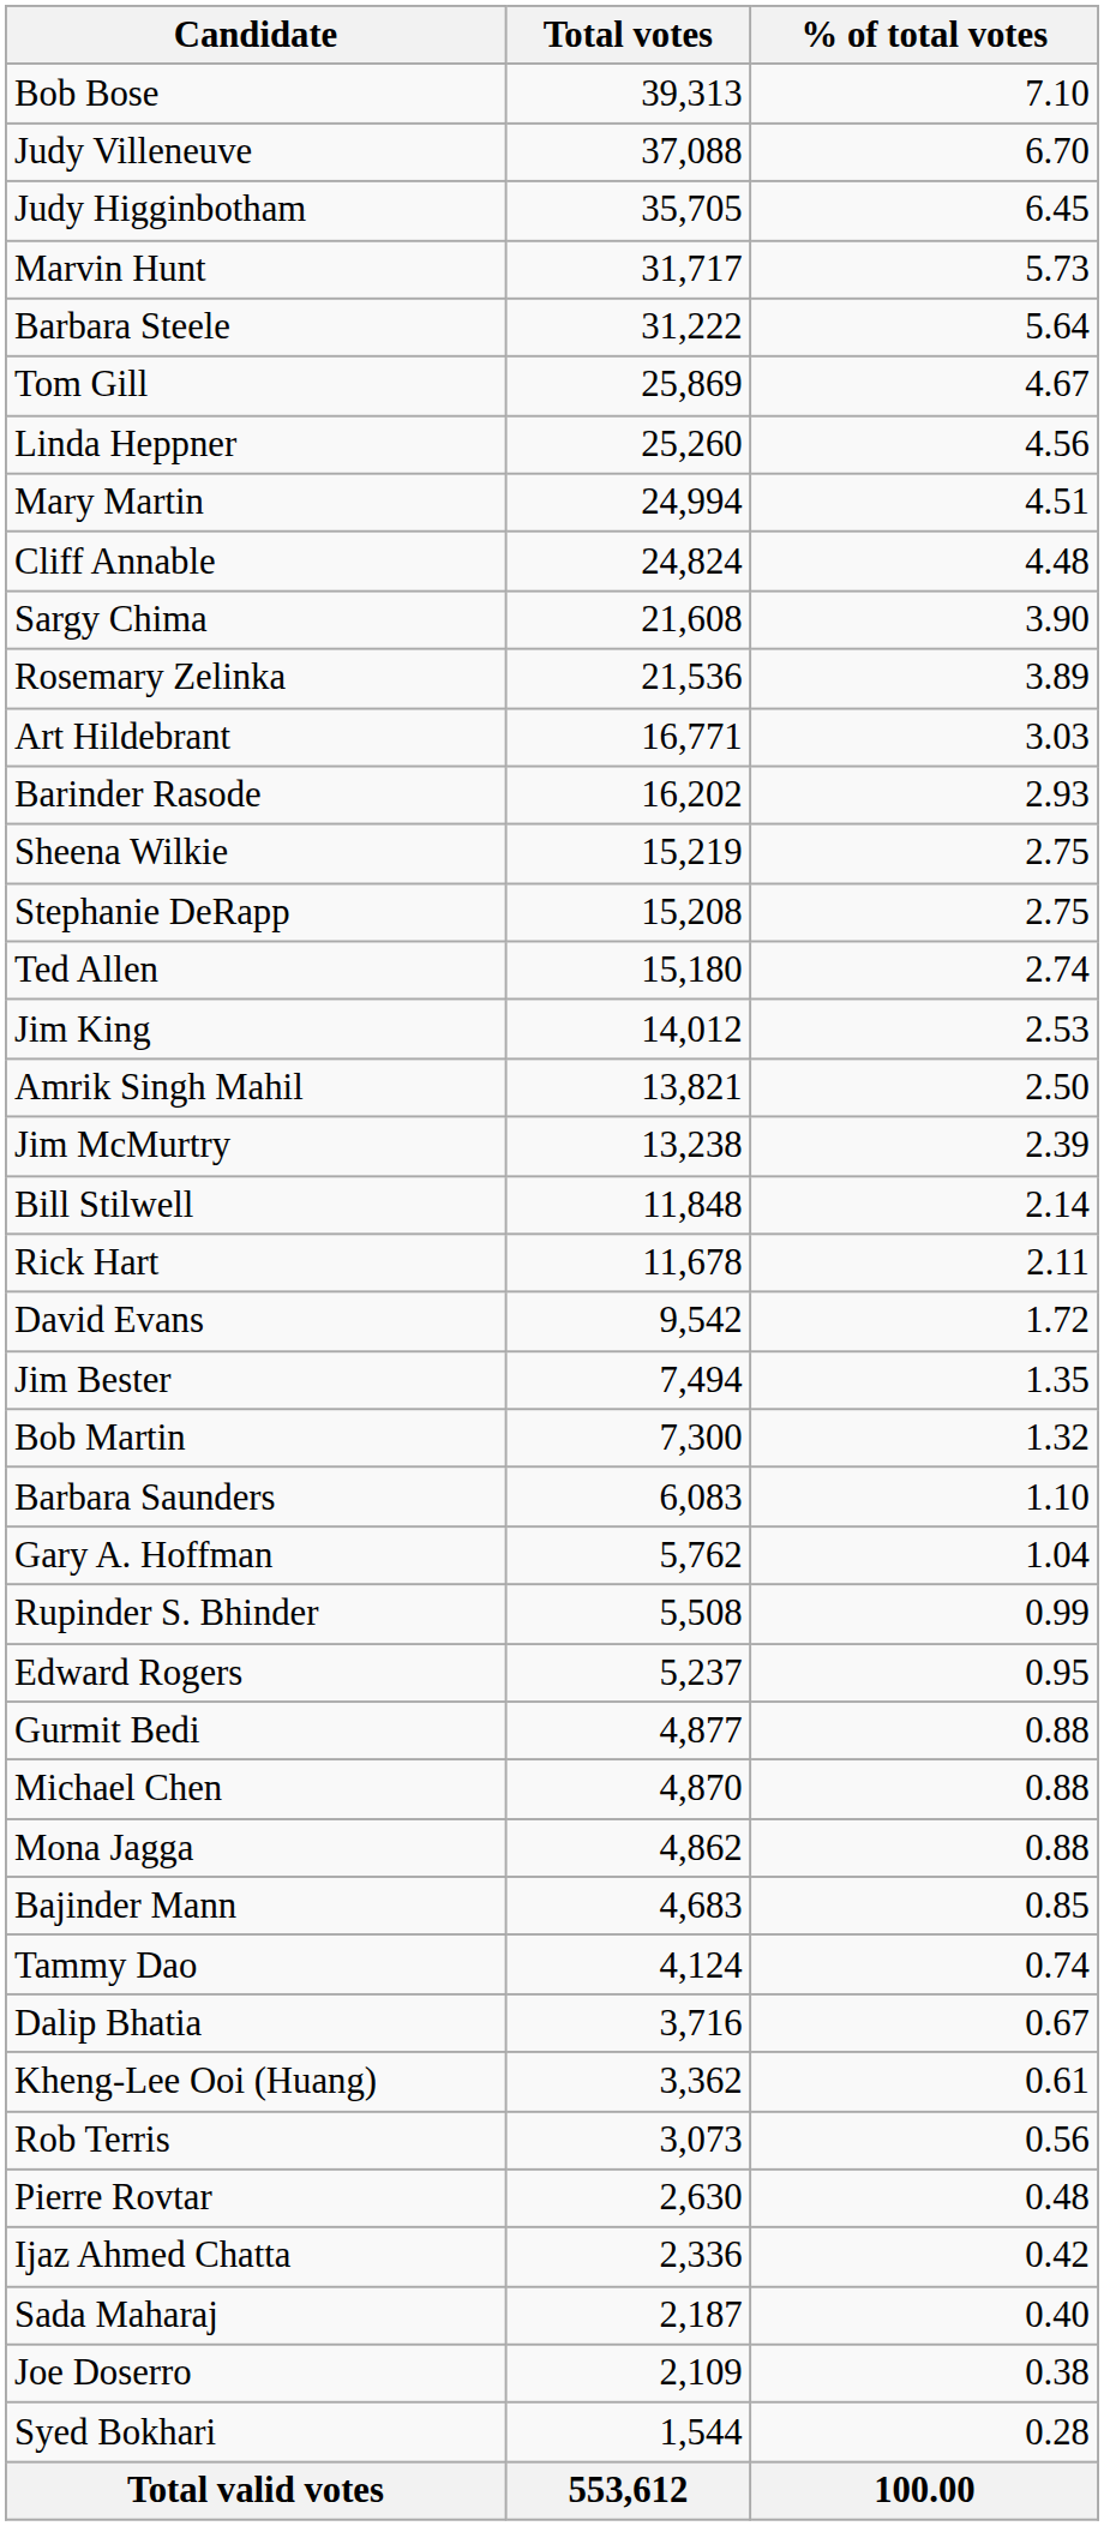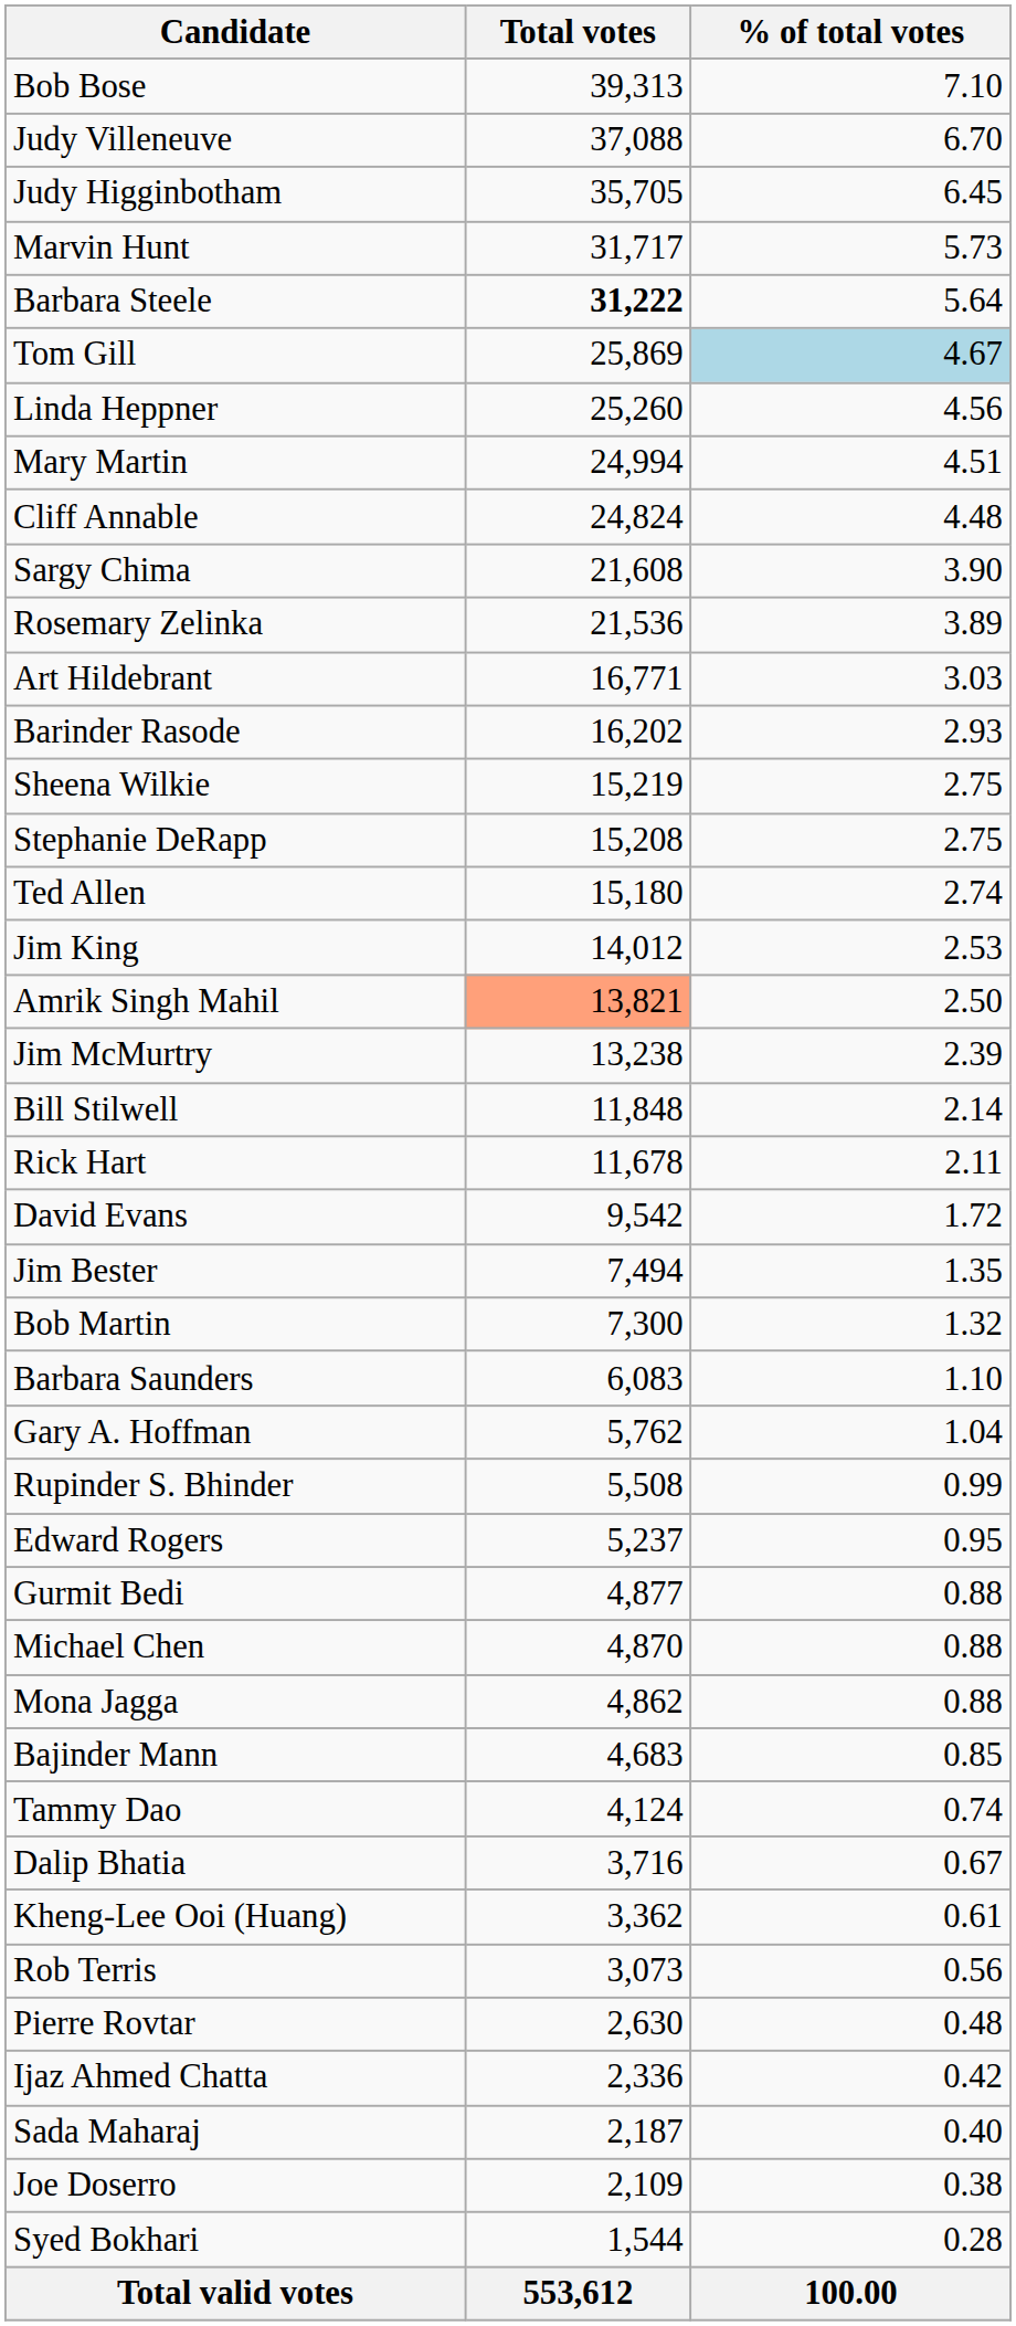 <table class="wikitable" width="475">
 <tr>
 <th align="left">Candidate</th>
 <th align="right">Total votes</th>
 <th align="right">% of total votes</th>
 </tr>
 <tr>
 <td align="left">Bob Bose</td>
 <td align="right">39,313</td>
 <td align="right">7.10</td>
 </tr>
 <tr>
 <td align="left">Judy Villeneuve</td>
 <td align="right">37,088</td>
 <td align="right">6.70</td>
 </tr>
 <tr>
 <td align="left">Judy Higginbotham</td>
 <td align="right">35,705</td>
 <td align="right">6.45</td>
 </tr>
 <tr>
 <td align="left">Marvin Hunt</td>
 <td align="right">31,717</td>
 <td align="right">5.73</td>
 </tr>
 <tr>
 <td align="left">Barbara Steele</td>
-<td align="right">31,222</td>
+<td align="right"><strong>31,222</strong></td>
 <td align="right">5.64</td>
 </tr>
 <tr>
 <td align="left">Tom Gill</td>
 <td align="right">25,869</td>
-<td align="right">4.67</td>
+<td align="right" style="background: lightblue;">4.67</td>
 </tr>
 <tr>
 <td align="left">Linda Heppner</td>
 <td align="right">25,260</td>
 <td align="right">4.56</td>
 </tr>
 <tr>
 <td align="left">Mary Martin</td>
 <td align="right">24,994</td>
 <td align="right">4.51</td>
 </tr>
 <tr>
 <td align="left">Cliff Annable</td>
 <td align="right">24,824</td>
 <td align="right">4.48</td>
 </tr>
 <tr>
 <td align="left">Sargy Chima</td>
 <td align="right">21,608</td>
 <td align="right">3.90</td>
 </tr>
 <tr>
 <td align="left">Rosemary Zelinka</td>
 <td align="right">21,536</td>
 <td align="right">3.89</td>
 </tr>
 <tr>
 <td align="left">Art Hildebrant</td>
 <td align="right">16,771</td>
 <td align="right">3.03</td>
 </tr>
 <tr>
 <td align="left">Barinder Rasode</td>
 <td align="right">16,202</td>
 <td align="right">2.93</td>
 </tr>
 <tr>
 <td align="left">Sheena Wilkie</td>
 <td align="right">15,219</td>
 <td align="right">2.75</td>
 </tr>
 <tr>
 <td align="left">Stephanie DeRapp</td>
 <td align="right">15,208</td>
 <td align="right">2.75</td>
 </tr>
 <tr>
 <td align="left">Ted Allen</td>
 <td align="right">15,180</td>
 <td align="right">2.74</td>
 </tr>
 <tr>
 <td align="left">Jim King</td>
 <td align="right">14,012</td>
 <td align="right">2.53</td>
 </tr>
 <tr>
 <td align="left">Amrik Singh Mahil</td>
-<td align="right">13,821</td>
+<td align="right" style="background: lightsalmon;">13,821</td>
 <td align="right">2.50</td>
 </tr>
 <tr>
 <td align="left">Jim McMurtry</td>
 <td align="right">13,238</td>
 <td align="right">2.39</td>
 </tr>
 <tr>
 <td align="left">Bill Stilwell</td>
 <td align="right">11,848</td>
 <td align="right">2.14</td>
 </tr>
 <tr>
 <td align="left">Rick Hart</td>
 <td align="right">11,678</td>
 <td align="right">2.11</td>
 </tr>
 <tr>
 <td align="left">David Evans</td>
 <td align="right">9,542</td>
 <td align="right">1.72</td>
 </tr>
 <tr>
 <td align="left">Jim Bester</td>
 <td align="right">7,494</td>
 <td align="right">1.35</td>
 </tr>
 <tr>
 <td align="left">Bob Martin</td>
 <td align="right">7,300</td>
 <td align="right">1.32</td>
 </tr>
 <tr>
 <td align="left">Barbara Saunders</td>
 <td align="right">6,083</td>
 <td align="right">1.10</td>
 </tr>
 <tr>
 <td align="left">Gary A. Hoffman</td>
 <td align="right">5,762</td>
 <td align="right">1.04</td>
 </tr>
 <tr>
 <td align="left">Rupinder S. Bhinder</td>
 <td align="right">5,508</td>
 <td align="right">0.99</td>
 </tr>
 <tr>
 <td align="left">Edward Rogers</td>
 <td align="right">5,237</td>
 <td align="right">0.95</td>
 </tr>
 <tr>
 <td align="left">Gurmit Bedi</td>
 <td align="right">4,877</td>
 <td align="right">0.88</td>
 </tr>
 <tr>
 <td align="left">Michael Chen</td>
 <td align="right">4,870</td>
 <td align="right">0.88</td>
 </tr>
 <tr>
 <td align="left">Mona Jagga</td>
 <td align="right">4,862</td>
 <td align="right">0.88</td>
 </tr>
 <tr>
 <td align="left">Bajinder Mann</td>
 <td align="right">4,683</td>
 <td align="right">0.85</td>
 </tr>
 <tr>
 <td align="left">Tammy Dao</td>
 <td align="right">4,124</td>
 <td align="right">0.74</td>
 </tr>
 <tr>
 <td align="left">Dalip Bhatia</td>
 <td align="right">3,716</td>
 <td align="right">0.67</td>
 </tr>
 <tr>
 <td align="left">Kheng-Lee Ooi (Huang)</td>
 <td align="right">3,362</td>
 <td align="right">0.61</td>
 </tr>
 <tr>
 <td align="left">Rob Terris</td>
 <td align="right">3,073</td>
 <td align="right">0.56</td>
 </tr>
 <tr>
 <td align="left">Pierre Rovtar</td>
 <td align="right">2,630</td>
 <td align="right">0.48</td>
 </tr>
 <tr>
 <td align="left">Ijaz Ahmed Chatta</td>
 <td align="right">2,336</td>
 <td align="right">0.42</td>
 </tr>
 <tr>
 <td align="left">Sada Maharaj</td>
 <td align="right">2,187</td>
 <td align="right">0.40</td>
 </tr>
 <tr>
 <td align="left">Joe Doserro</td>
 <td align="right">2,109</td>
 <td align="right">0.38</td>
 </tr>
 <tr>
 <td align="left">Syed Bokhari</td>
 <td align="right">1,544</td>
 <td align="right">0.28</td>
 </tr>
 <tr bgcolor="#EEEEEE">
 <th align="left">Total valid votes</th>
 <th align="right"><strong>553,612</strong></th>
 <th align="right"><strong>100.00</strong></th>
 </tr>
 </table>
